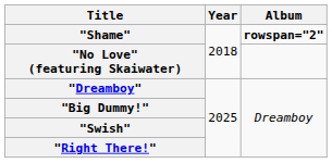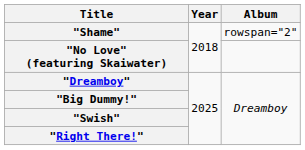 <table class="wikitable plainrowheaders" style="text-align:center;" border="1">
 <tr>
 <th scope="col" style="width:16em;">Title</th>
 <th scope="col">Year</th>
 <th scope="col">Album</th>
 </tr>
 <tr>
 <th scope="row">"Shame"</th>
 <td rowspan="2">2018</td>
-<td><strong>rowspan="2" </strong></td>
+<td>rowspan="2" </td>
 </tr>
 <tr>
 <th scope="row">"No Love"<br><span>(featuring Skaiwater)</span></th>
 </tr>
 <tr>
 <th scope="row">"<a href='#'>Dreamboy</a>"</th>
 <td rowspan="4">2025</td>
 <td rowspan="4"><em>Dreamboy</em></td>
 </tr>
 <tr>
 <th scope="row">"Big Dummy!"</th>
 </tr>
 <tr>
 <th scope="row">"Swish"</th>
 </tr>
 <tr>
 <th scope="row">"<a href='#'>Right There!</a>"</th>
 </tr>
 </table>
